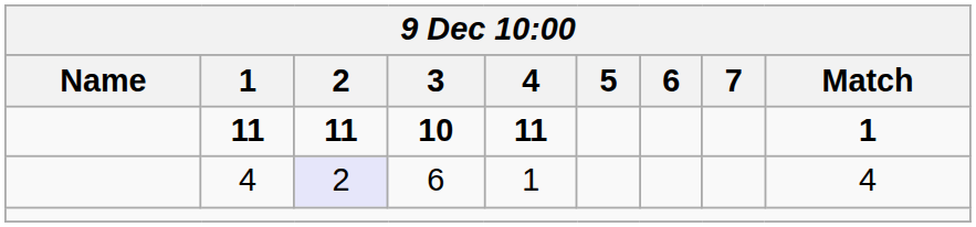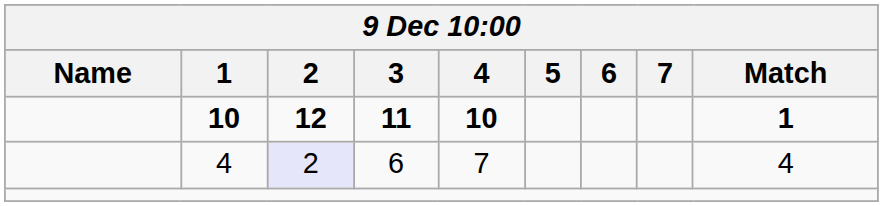 <table class=wikitable style="text-align:center; width: 55%">
 <tr>
 <th colspan=17><em> 9 Dec 10:00</em></th>
 </tr>
 <tr>
 <th>Name</th>
 <th>1</th>
 <th>2</th>
 <th>3</th>
 <th>4</th>
 <th>5</th>
 <th>6</th>
 <th>7</th>
 <th>Match</th>
 </tr>
 <tr>
 <td style="text-align:left;"><strong></strong></td>
-<td><strong>11</strong></td>
+<td><strong>10</strong></td>
+<td><strong>12</strong></td>
 <td><strong>11</strong></td>
 <td><strong>10</strong></td>
-<td><strong>11</strong></td>
 <td></td>
 <td></td>
 <td></td>
 <td><strong>1</strong></td>
 </tr>
 <tr>
 <td style="text-align:left;"></td>
 <td>4</td>
 <td style="background: lavender;">2</td>
 <td>6</td>
-<td>1</td>
+<td>7</td>
 <td></td>
 <td></td>
 <td></td>
 <td>4</td>
 </tr>
 <tr>
 <td colspan=17></td>
 </tr>
 </table>
